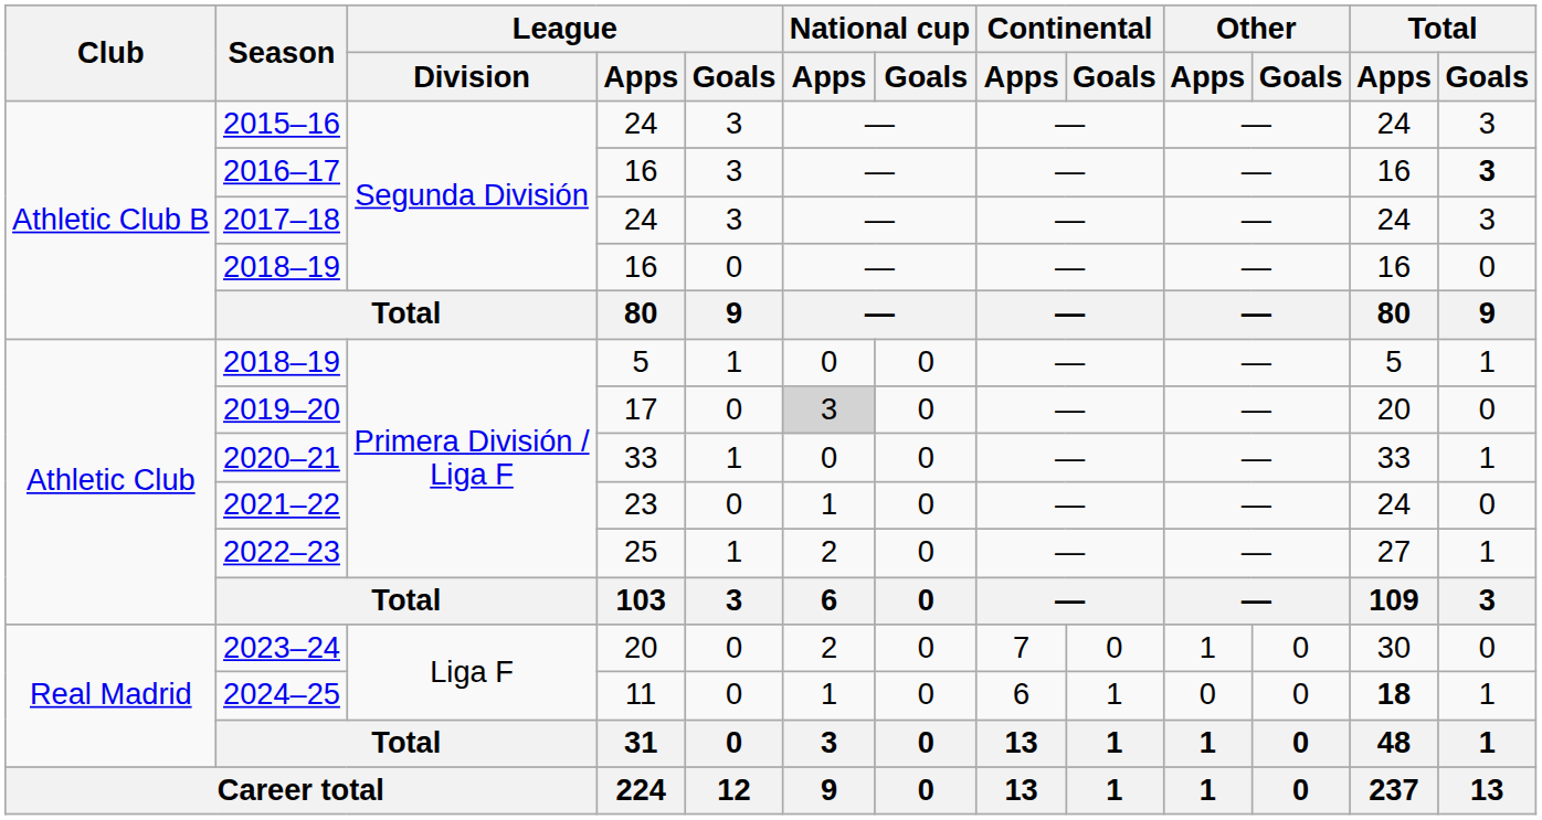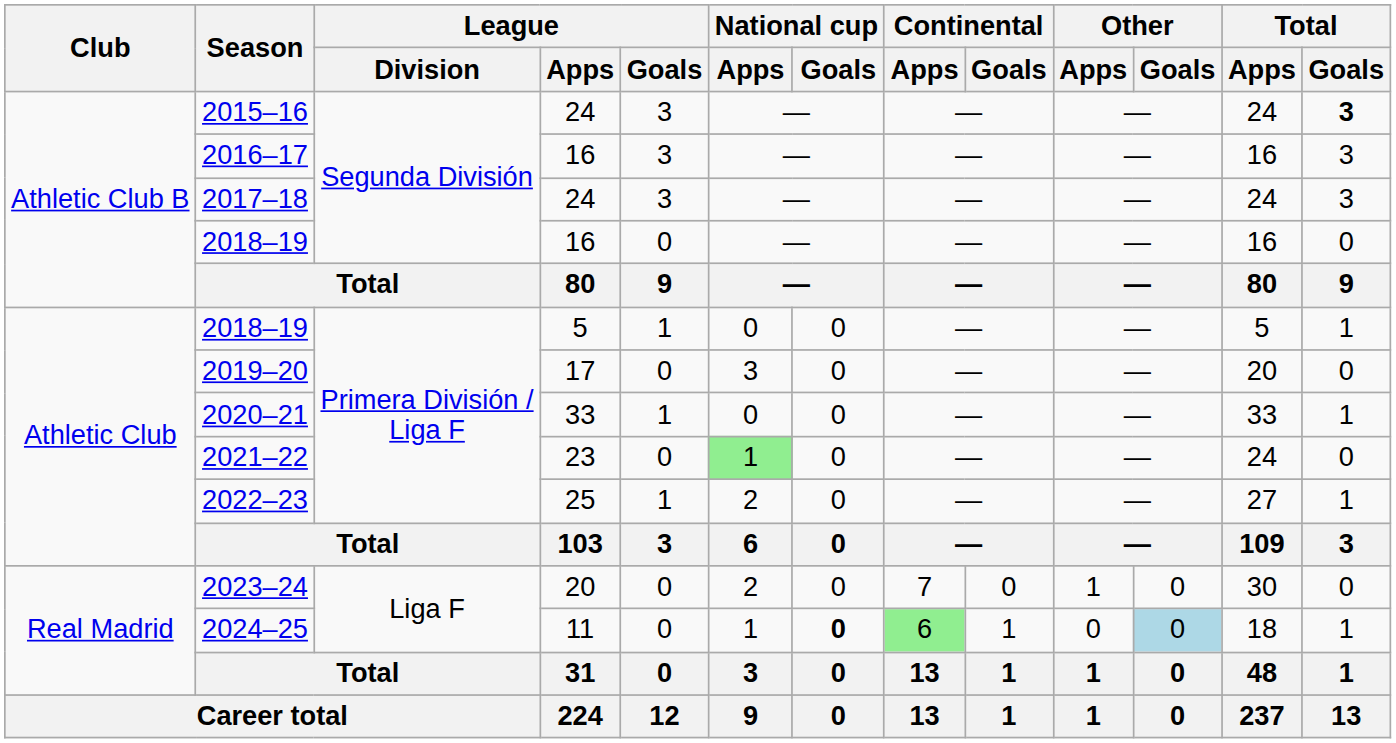 <table class="wikitable" style="text-align:center">
 <tr>
 <th rowspan="2">Club</th>
 <th rowspan="2">Season</th>
 <th colspan="3">League</th>
 <th colspan="2">National cup</th>
 <th colspan="2">Continental</th>
 <th colspan="2">Other</th>
 <th colspan="2">Total</th>
 </tr>
 <tr>
 <th>Division</th>
 <th>Apps</th>
 <th>Goals</th>
 <th>Apps</th>
 <th>Goals</th>
 <th>Apps</th>
 <th>Goals</th>
 <th>Apps</th>
 <th>Goals</th>
 <th>Apps</th>
 <th>Goals</th>
 </tr>
 <tr>
 <td rowspan=5><a href='#'>Athletic Club B</a></td>
 <td><a href='#'>2015–16</a></td>
 <td rowspan=4><a href='#'>Segunda División</a></td>
 <td>24</td>
 <td>3</td>
 <td colspan="2">—</td>
 <td colspan="2">—</td>
 <td colspan="2">—</td>
 <td>24</td>
-<td>3</td>
+<td><strong>3</strong></td>
 </tr>
 <tr>
 <td><a href='#'>2016–17</a></td>
 <td>16</td>
 <td>3</td>
 <td colspan="2">—</td>
 <td colspan="2">—</td>
 <td colspan="2">—</td>
 <td>16</td>
-<td><strong>3</strong></td>
+<td>3</td>
 </tr>
 <tr>
 <td><a href='#'>2017–18</a></td>
 <td>24</td>
 <td>3</td>
 <td colspan="2">—</td>
 <td colspan="2">—</td>
 <td colspan="2">—</td>
 <td>24</td>
 <td>3</td>
 </tr>
 <tr>
 <td><a href='#'>2018–19</a></td>
 <td>16</td>
 <td>0</td>
 <td colspan="2">—</td>
 <td colspan="2">—</td>
 <td colspan="2">—</td>
 <td>16</td>
 <td>0</td>
 </tr>
 <tr>
 <th colspan="2">Total</th>
 <th>80</th>
 <th>9</th>
 <th colspan="2">—</th>
 <th colspan="2">—</th>
 <th colspan="2">—</th>
 <th>80</th>
 <th>9</th>
 </tr>
 <tr>
 <td rowspan="6"><a href='#'>Athletic Club</a></td>
 <td><a href='#'>2018–19</a></td>
 <td rowspan=5><a href='#'>Primera División /<br>Liga F</a></td>
 <td>5</td>
 <td>1</td>
 <td>0</td>
 <td>0</td>
 <td colspan="2">—</td>
 <td colspan="2">—</td>
 <td>5</td>
 <td>1</td>
 </tr>
 <tr>
 <td><a href='#'>2019–20</a></td>
 <td>17</td>
 <td>0</td>
-<td style="background: lightgrey;">3</td>
+<td>3</td>
 <td>0</td>
 <td colspan="2">—</td>
 <td colspan="2">—</td>
 <td>20</td>
 <td>0</td>
 </tr>
 <tr>
 <td><a href='#'>2020–21</a></td>
 <td>33</td>
 <td>1</td>
 <td>0</td>
 <td>0</td>
 <td colspan="2">—</td>
 <td colspan="2">—</td>
 <td>33</td>
 <td>1</td>
 </tr>
 <tr>
 <td><a href='#'>2021–22</a></td>
 <td>23</td>
 <td>0</td>
-<td>1</td>
+<td style="background: lightgreen;">1</td>
 <td>0</td>
 <td colspan="2">—</td>
 <td colspan="2">—</td>
 <td>24</td>
 <td>0</td>
 </tr>
 <tr>
 <td><a href='#'>2022–23</a></td>
 <td>25</td>
 <td>1</td>
 <td>2</td>
 <td>0</td>
 <td colspan="2">—</td>
 <td colspan="2">—</td>
 <td>27</td>
 <td>1</td>
 </tr>
 <tr>
 <th colspan="2">Total</th>
 <th>103</th>
 <th>3</th>
 <th>6</th>
 <th>0</th>
 <th colspan="2">—</th>
 <th colspan="2">—</th>
 <th>109</th>
 <th>3</th>
 </tr>
 <tr>
 <td rowspan=3><a href='#'>Real Madrid</a></td>
 <td><a href='#'>2023–24</a></td>
 <td rowspan=2>Liga F</td>
 <td>20</td>
 <td>0</td>
 <td>2</td>
 <td>0</td>
 <td>7</td>
 <td>0</td>
 <td>1</td>
 <td>0</td>
 <td>30</td>
 <td>0</td>
 </tr>
 <tr>
 <td><a href='#'>2024–25</a></td>
 <td>11</td>
 <td>0</td>
 <td>1</td>
-<td>0</td>
-<td>6</td>
+<td><strong>0</strong></td>
+<td style="background: lightgreen;">6</td>
 <td>1</td>
 <td>0</td>
-<td>0</td>
-<td><strong>18</strong></td>
+<td style="background: lightblue;">0</td>
+<td>18</td>
 <td>1</td>
 </tr>
 <tr>
 <th colspan="2">Total</th>
 <th>31</th>
 <th>0</th>
 <th>3</th>
 <th>0</th>
 <th>13</th>
 <th>1</th>
 <th>1</th>
 <th>0</th>
 <th>48</th>
 <th>1</th>
 </tr>
 <tr>
 <th colspan="3">Career total</th>
 <th>224</th>
 <th>12</th>
 <th>9</th>
 <th>0</th>
 <th>13</th>
 <th>1</th>
 <th>1</th>
 <th>0</th>
 <th>237</th>
 <th>13</th>
 </tr>
 </table>
